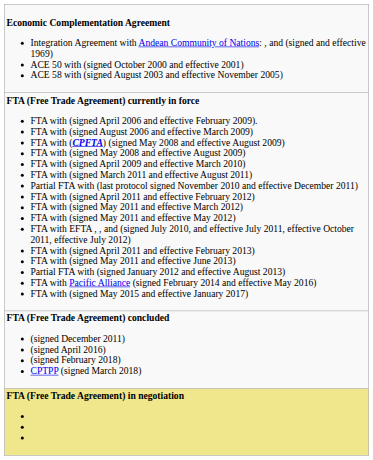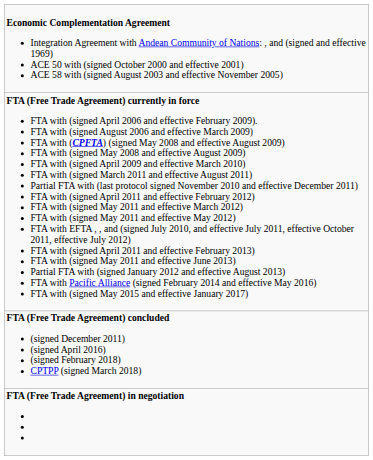 <table class="wikitable" align="center ">
 <tr>
 <td><br><strong> Economic Complementation Agreement </strong><ul><li>Integration Agreement with <a href='#'>Andean Community of Nations</a>: ,  and  (signed and effective 1969)</li><li>ACE 50 with  (signed October 2000 and effective 2001)</li><li>ACE 58 with  (signed August 2003 and effective November 2005)</li></ul></td>
 </tr>
 <tr>
 <td><strong> FTA (Free Trade Agreement) currently in force </strong><br><ul><li>FTA with  (signed April 2006 and effective February 2009).</li><li>FTA with  (signed August 2006 and effective March 2009)</li><li>FTA with (<strong><em><a href='#'>CPFTA</a></em></strong>) (signed May 2008 and effective August 2009)</li><li>FTA with  (signed May 2008 and effective August 2009)</li><li>FTA with  (signed April 2009 and effective March 2010)</li><li>FTA with  (signed March 2011 and effective August 2011)</li><li>Partial FTA with  (last protocol signed November 2010 and effective December 2011)</li><li>FTA with  (signed April 2011 and effective February 2012)</li><li>FTA with  (signed May 2011 and effective March 2012)</li><li>FTA with  (signed May 2011 and effective May 2012)</li><li>FTA with EFTA , ,  and  (signed July 2010,  and  effective July 2011,  effective October 2011,  effective July 2012)</li><li>FTA with  (signed April 2011 and effective February 2013)</li><li>FTA with  (signed May 2011 and effective June 2013)</li><li>Partial FTA with  (signed January 2012 and effective August 2013)</li><li>FTA with <a href='#'>Pacific Alliance</a> (signed February 2014 and effective May 2016)</li><li>FTA with  (signed May 2015 and effective January 2017)</li></ul></td>
 </tr>
 <tr>
 <td><strong> FTA (Free Trade Agreement) concluded </strong><br><ul><li> (signed December 2011)</li><li> (signed April 2016)</li><li> (signed February 2018)</li><li><a href='#'>CPTPP</a> (signed March 2018)</li></ul></td>
 </tr>
 <tr>
-<td style="background: khaki;"><strong> FTA (Free Trade Agreement) in negotiation </strong><br><ul><li></li><li></li><li></li></ul></td>
+<td><strong> FTA (Free Trade Agreement) in negotiation </strong><br><ul><li></li><li></li><li></li></ul></td>
 </tr>
 </table>
